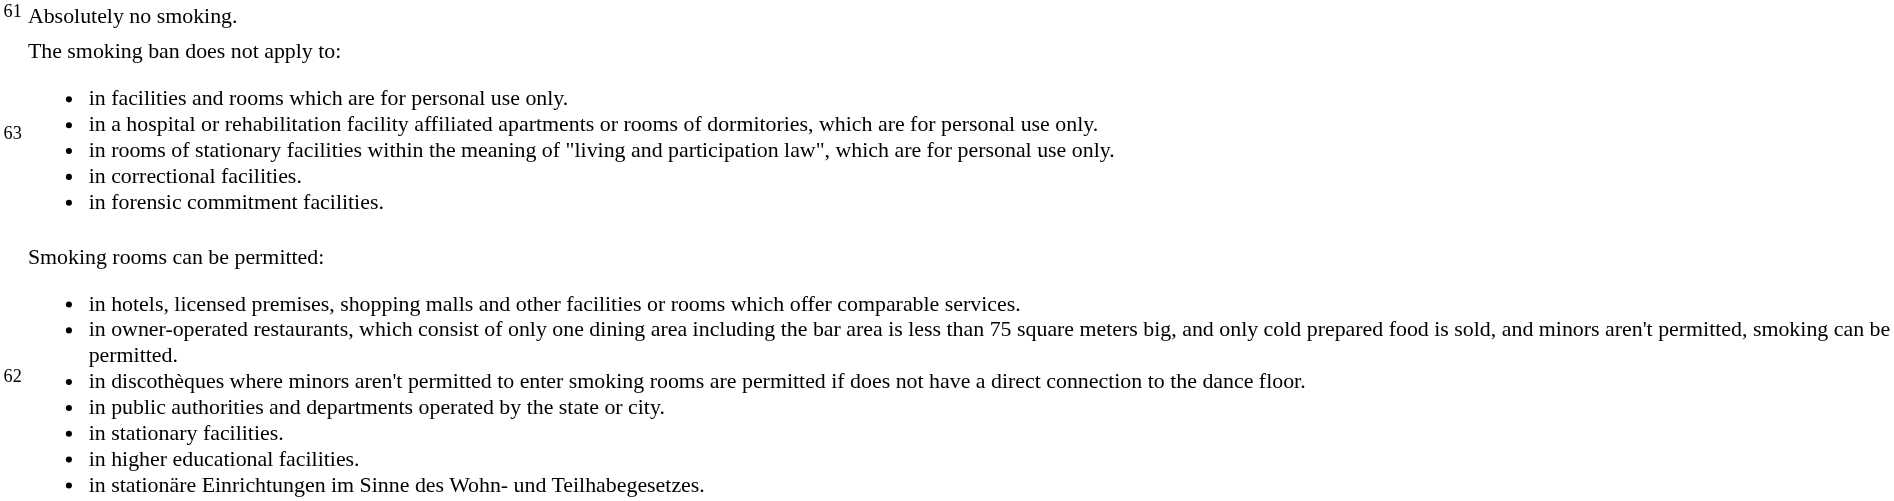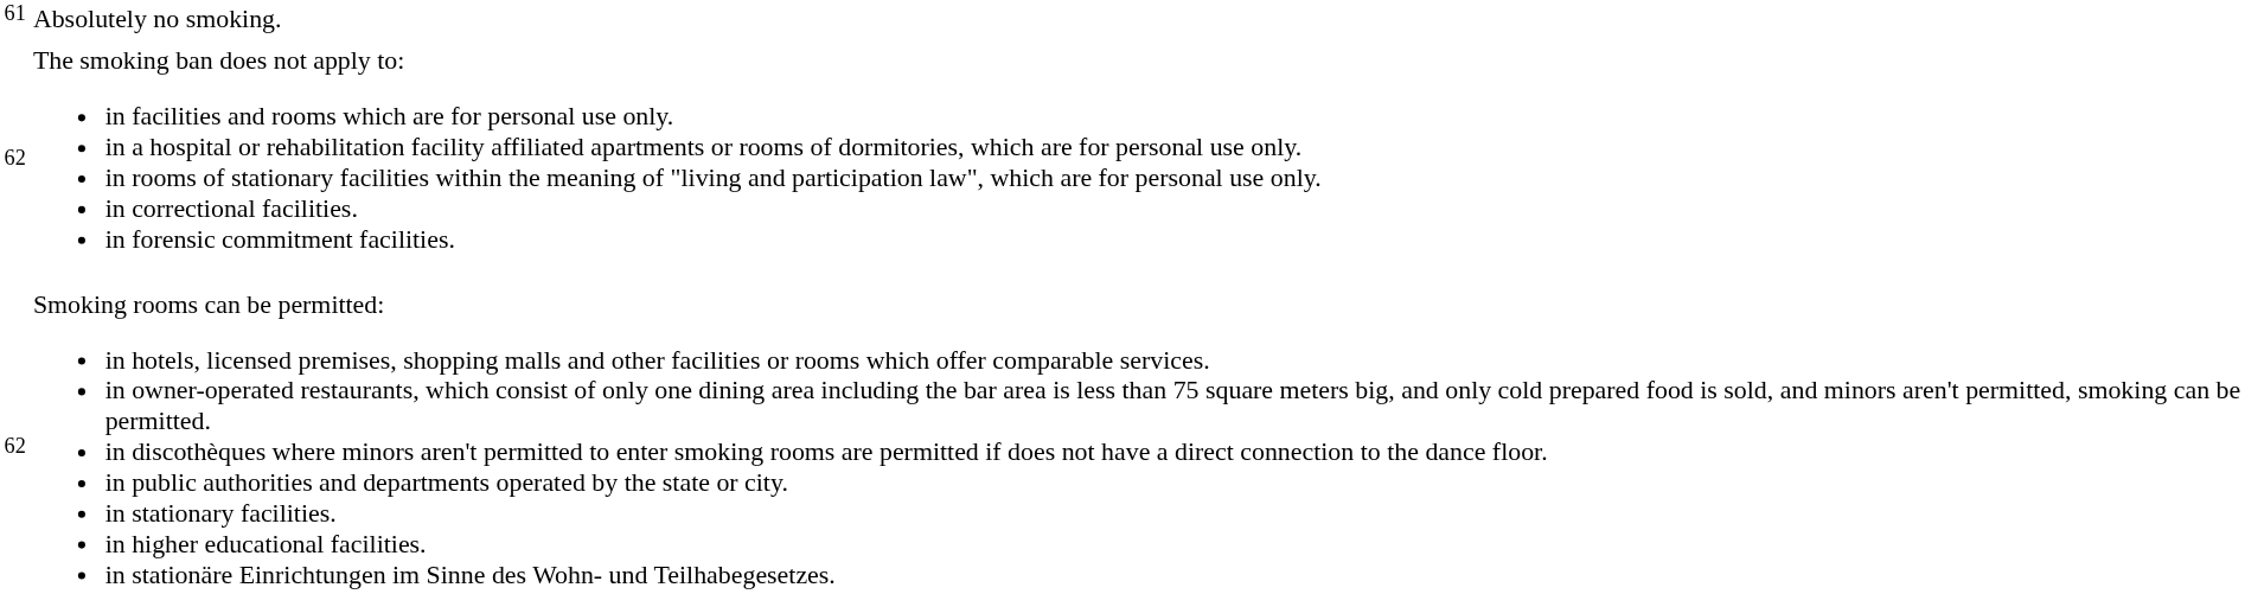 <table class="toptextcells" style="font-size: 90%;">
 <tr>
 <td tyle="text-align: right; padding-right: 0.33em"><sup>61</sup></td>
 <td>Absolutely no smoking.</td>
 </tr>
 <tr>
-<td tyle="text-align: right; padding-right: 0.33em"><sup>63</sup></td>
+<td tyle="text-align: right; padding-right: 0.33em"><sup>62</sup></td>
 <td>The smoking ban does not apply to:<br><ul><li>in facilities and rooms which are for personal use only.</li><li>in a hospital or rehabilitation facility affiliated apartments or rooms of dormitories, which are for personal use only.</li><li>in rooms of stationary facilities within the meaning of "living and participation law", which are for personal use only.</li><li>in correctional facilities.</li><li>in forensic commitment facilities.</li></ul></td>
 </tr>
 <tr>
 <td tyle="text-align: right; padding-right: 0.33em"><sup>62</sup></td>
 <td>Smoking rooms can be permitted:<br><ul><li>in hotels, licensed premises, shopping malls and other facilities or rooms which offer comparable services.</li><li>in owner-operated restaurants, which consist of only one dining area including the bar area is less than 75 square meters big, and only cold prepared food is sold, and minors aren't permitted, smoking can be permitted.</li><li>in discothèques where minors aren't permitted to enter smoking rooms are permitted if does not have a direct connection to the dance floor.</li><li>in public authorities and departments operated by the state or city.</li><li>in stationary facilities.</li><li>in higher educational facilities.</li><li>in stationäre Einrichtungen im Sinne des Wohn- und Teilhabegesetzes.</li></ul></td>
 </tr>
 </table>
